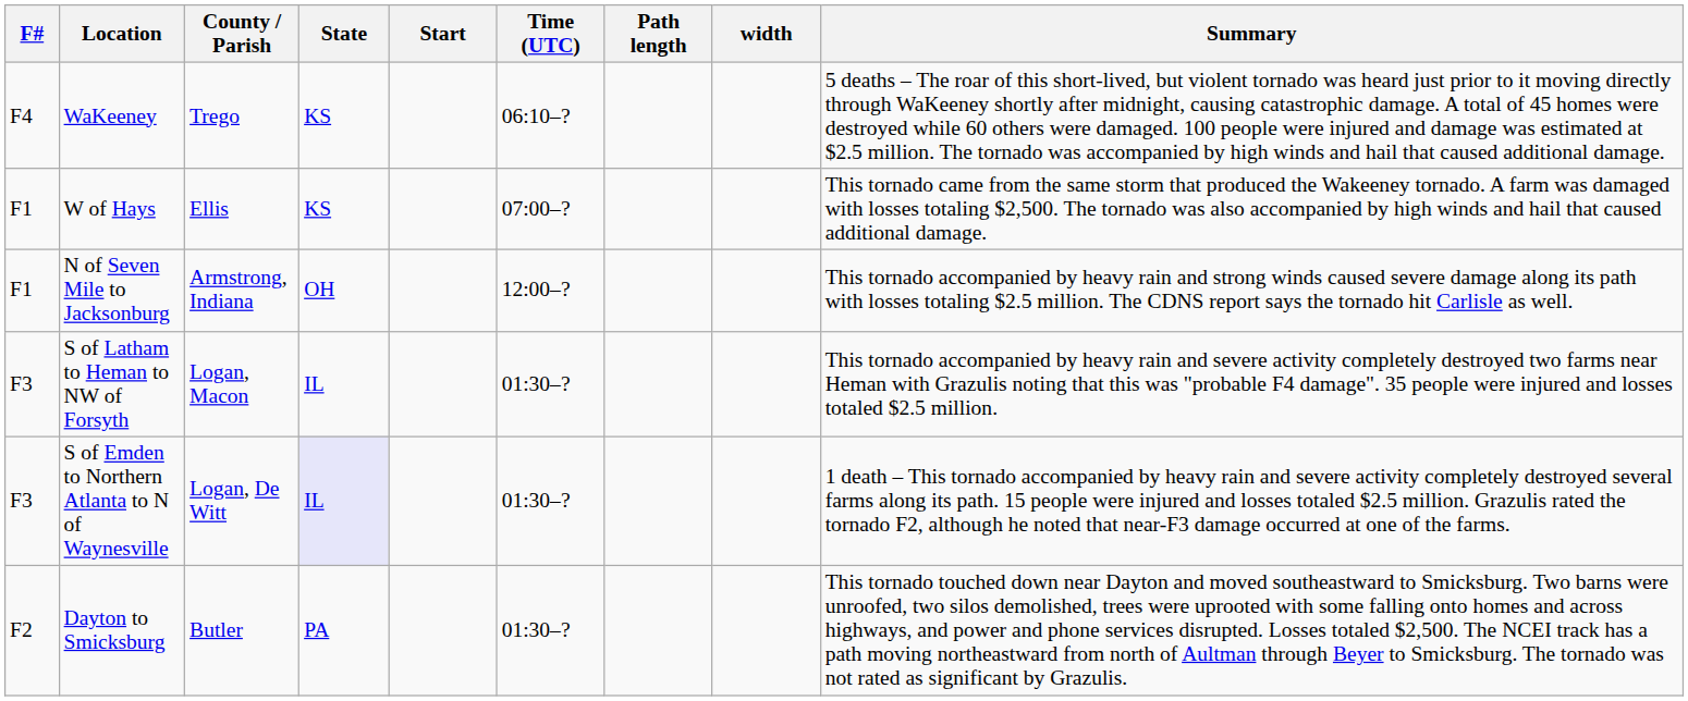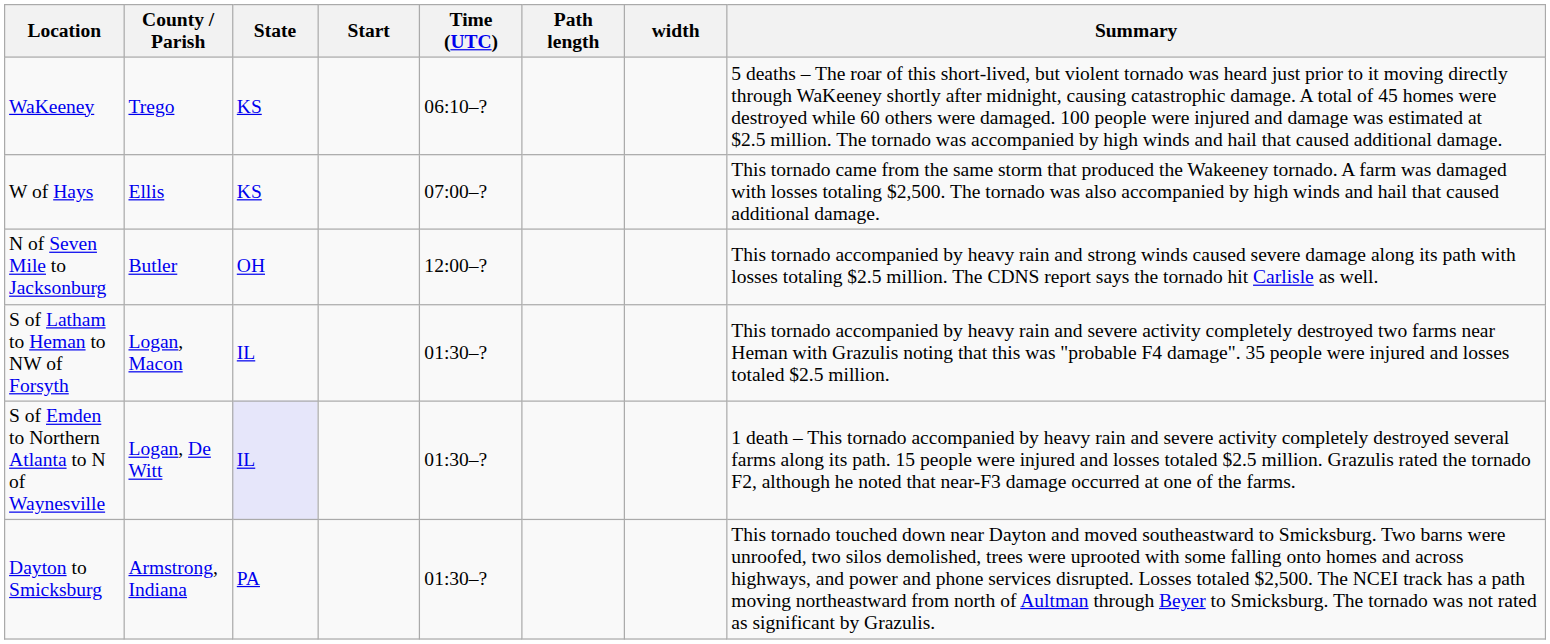 <table class="wikitable sortable" style="width:100%;">
 <tr>
-<th scope="col"  style="width:3%; text-align:center;"><a href='#'>F#</a></th>
 <th scope="col"  style="width:7%; text-align:center;" class="unsortable">Location</th>
 <th scope="col"  style="width:6%; text-align:center;" class="unsortable">County / Parish</th>
 <th scope="col"  style="width:5%; text-align:center;">State</th>
 <th scope="col"  style="width:6%; text-align:center;">Start<br></th>
 <th scope="col"  style="width:6%; text-align:center;">Time (<a href='#'>UTC</a>)</th>
 <th scope="col"  style="width:6%; text-align:center;">Path length</th>
 <th scope="col"  style="width:6%; text-align:center;"> width</th>
 <th scope="col" class="unsortable" style="width:48%; text-align:center;">Summary</th>
 </tr>
 <tr>
-<td>F4</td>
 <td><a href='#'>WaKeeney</a></td>
 <td><a href='#'>Trego</a></td>
 <td><a href='#'>KS</a></td>
 <td></td>
 <td>06:10–?</td>
 <td></td>
 <td></td>
 <td>5 deaths – The roar of this short-lived, but violent tornado was heard just prior to it moving directly through WaKeeney shortly after midnight, causing catastrophic damage. A total of 45 homes were destroyed while 60 others were damaged. 100 people were injured and damage was estimated at $2.5 million. The tornado was accompanied by high winds and hail that caused additional damage.</td>
 </tr>
 <tr>
-<td>F1</td>
 <td>W of <a href='#'>Hays</a></td>
 <td><a href='#'>Ellis</a></td>
 <td><a href='#'>KS</a></td>
 <td></td>
 <td>07:00–?</td>
 <td></td>
 <td></td>
 <td>This tornado came from the same storm that produced the Wakeeney tornado. A farm was damaged with losses totaling $2,500. The tornado was also accompanied by high winds and hail that caused additional damage.</td>
 </tr>
 <tr>
-<td>F1</td>
 <td>N of <a href='#'>Seven Mile</a> to <a href='#'>Jacksonburg</a></td>
-<td><a href='#'>Armstrong</a>, <a href='#'>Indiana</a></td>
+<td><a href='#'>Butler</a></td>
 <td><a href='#'>OH</a></td>
 <td></td>
 <td>12:00–?</td>
 <td></td>
 <td></td>
 <td>This tornado accompanied by heavy rain and strong winds caused severe damage along its path with losses totaling $2.5 million. The CDNS report says the tornado hit <a href='#'>Carlisle</a> as well.</td>
 </tr>
 <tr>
-<td>F3</td>
 <td>S of <a href='#'>Latham</a> to <a href='#'>Heman</a> to NW of <a href='#'>Forsyth</a></td>
 <td><a href='#'>Logan</a>, <a href='#'>Macon</a></td>
 <td><a href='#'>IL</a></td>
 <td></td>
 <td>01:30–?</td>
 <td></td>
 <td></td>
 <td>This tornado accompanied by heavy rain and severe activity completely destroyed two farms near Heman with Grazulis noting that this was "probable F4 damage". 35 people were injured and losses totaled $2.5 million.</td>
 </tr>
 <tr>
-<td>F3</td>
 <td>S of <a href='#'>Emden</a> to Northern <a href='#'>Atlanta</a> to N of <a href='#'>Waynesville</a></td>
 <td><a href='#'>Logan</a>, <a href='#'>De Witt</a></td>
 <td style="background: lavender;"><a href='#'>IL</a></td>
 <td></td>
 <td>01:30–?</td>
 <td></td>
 <td></td>
 <td>1 death – This tornado accompanied by heavy rain and severe activity completely destroyed several farms along its path. 15 people were injured and losses totaled $2.5 million. Grazulis rated the tornado F2, although he noted that near-F3 damage occurred at one of the farms.</td>
 </tr>
 <tr>
-<td>F2</td>
 <td><a href='#'>Dayton</a> to <a href='#'>Smicksburg</a></td>
-<td><a href='#'>Butler</a></td>
+<td><a href='#'>Armstrong</a>, <a href='#'>Indiana</a></td>
 <td><a href='#'>PA</a></td>
 <td></td>
 <td>01:30–?</td>
 <td></td>
 <td></td>
 <td>This tornado touched down near Dayton and moved southeastward to Smicksburg. Two barns were unroofed, two silos demolished, trees were uprooted with some falling onto homes and across highways, and power and phone services disrupted. Losses totaled $2,500. The NCEI track has a path moving northeastward from north of <a href='#'>Aultman</a> through <a href='#'>Beyer</a> to Smicksburg. The tornado was not rated as significant by Grazulis.</td>
 </tr>
 </table>
